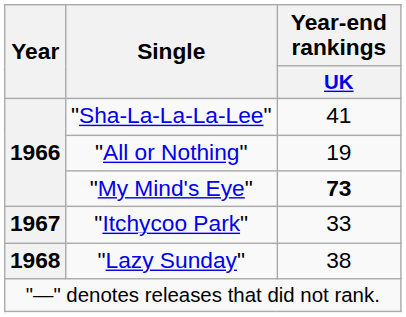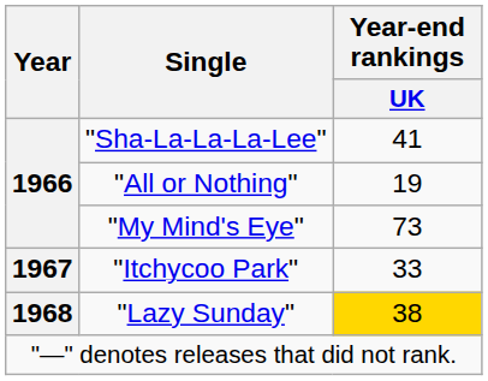 <table class="wikitable plainrowheaders" border="1" style="text-align:center;">
 <tr>
 <th scope=col rowspan="2">Year</th>
 <th scope=col rowspan="2">Single</th>
 <th scope=col align="center" style="width:5em;">Year-end rankings</th>
 </tr>
 <tr>
 <th scope=col align="center" scope="col" style="width:2em;font-size:90%;"><a href='#'>UK</a><br></th>
 </tr>
 <tr>
 <th rowspan="3" scope="rowgroup">1966</th>
 <td>"<a href='#'>Sha-La-La-La-Lee</a>"</td>
 <td>41</td>
 </tr>
 <tr>
 <td>"<a href='#'>All or Nothing</a>"</td>
 <td>19</td>
 </tr>
 <tr>
 <td>"<a href='#'>My Mind's Eye</a>"</td>
-<td><strong>73</strong></td>
+<td>73</td>
 </tr>
 <tr>
 <th scope="row">1967</th>
 <td>"<a href='#'>Itchycoo Park</a>"</td>
 <td>33</td>
 </tr>
 <tr>
 <th scope="row">1968</th>
 <td>"<a href='#'>Lazy Sunday</a>"</td>
-<td>38</td>
+<td style="background: gold;">38</td>
 </tr>
 <tr>
 <td colspan="3" style="font-size:90%">"—" denotes releases that did not rank.</td>
 </tr>
 </table>
